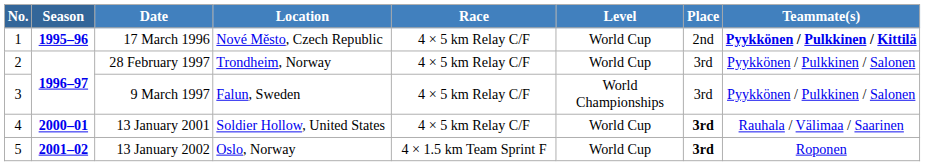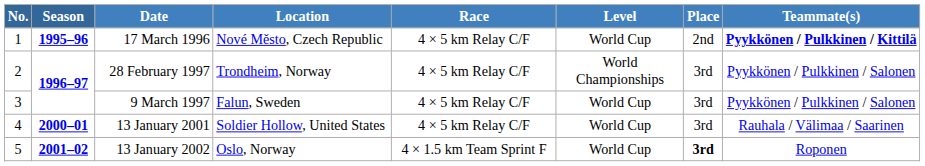 <table class="wikitable sortable" style="font-size:95%; text-align:center; border:grey solid 1px; border-collapse:collapse; background:#ffffff;">
 <tr style="background:#efefef;">
 <th style="background-color:#369; color:white;">No.</th>
 <th style="background-color:#369; color:white;">Season</th>
 <th style="background-color:#4180be; color:white; width:120px;">Date</th>
 <th style="background-color:#4180be; color:white; width:185px;">Location</th>
 <th style="background-color:#4180be; color:white; width:170px;">Race</th>
 <th style="background-color:#4180be; color:white; width:130px;">Level</th>
 <th style="background-color:#4180be; color:white;">Place</th>
 <th style="background-color:#4180be; color:white;">Teammate(s)</th>
 </tr>
 <tr>
 <td align=center>1</td>
 <td rowspan=1 align=center><strong> <a href='#'>1995–96</a> </strong></td>
 <td align=right>17 March 1996</td>
 <td align=left> <a href='#'>Nové Město</a>, Czech Republic</td>
 <td>4 × 5 km Relay C/F</td>
 <td>World Cup</td>
 <td>2nd</td>
 <td><strong><a href='#'>Pyykkönen</a> / <a href='#'>Pulkkinen</a> / <a href='#'>Kittilä</a></strong></td>
 </tr>
 <tr>
 <td align=center>2</td>
 <td rowspan=2 align=center><strong> <a href='#'>1996–97</a> </strong></td>
 <td align=right>28 February 1997</td>
 <td align=left> <a href='#'>Trondheim</a>, Norway</td>
 <td>4 × 5 km Relay C/F</td>
-<td>World Cup</td>
+<td>World Championships</td>
 <td>3rd</td>
 <td><a href='#'>Pyykkönen</a> / <a href='#'>Pulkkinen</a> / <a href='#'>Salonen</a></td>
 </tr>
 <tr>
 <td align=center>3</td>
 <td align=right>9 March 1997</td>
 <td align=left> <a href='#'>Falun</a>, Sweden</td>
 <td>4 × 5 km Relay C/F</td>
-<td>World Championships</td>
+<td>World Cup</td>
 <td>3rd</td>
 <td><a href='#'>Pyykkönen</a> / <a href='#'>Pulkkinen</a> / <a href='#'>Salonen</a></td>
 </tr>
 <tr>
 <td align=center>4</td>
 <td rowspan=1 align=center><strong> <a href='#'>2000–01</a> </strong></td>
 <td align=right>13 January 2001</td>
 <td align=left> <a href='#'>Soldier Hollow</a>, United States</td>
 <td>4 × 5 km Relay C/F</td>
 <td>World Cup</td>
-<td><strong>3rd</strong></td>
+<td>3rd</td>
 <td><a href='#'>Rauhala</a> / <a href='#'>Välimaa</a> / <a href='#'>Saarinen</a></td>
 </tr>
 <tr>
 <td align=center>5</td>
 <td rowspan=1 align=center><strong><a href='#'>2001–02</a></strong></td>
 <td align=right>13 January 2002</td>
 <td align=left> <a href='#'>Oslo</a>, Norway</td>
 <td>4 × 1.5 km Team Sprint F</td>
 <td>World Cup</td>
 <td><strong>3rd</strong></td>
 <td><a href='#'>Roponen</a></td>
 </tr>
 </table>
